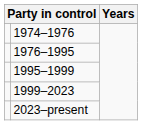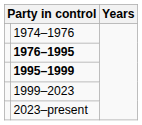 <table class="wikitable">
 <tr>
 <th colspan=2>Party in control</th>
 <th>Years</th>
 </tr>
 <tr>
 <td></td>
 <td>1974–1976</td>
 </tr>
 <tr>
 <td></td>
-<td>1976–1995</td>
+<td><strong>1976–1995</strong></td>
 </tr>
 <tr>
 <td></td>
-<td>1995–1999</td>
+<td><strong>1995–1999</strong></td>
 </tr>
 <tr>
 <td></td>
 <td>1999–2023</td>
 </tr>
 <tr>
 <td></td>
 <td>2023–present</td>
 </tr>
 </table>
